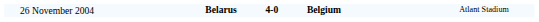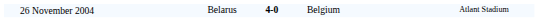 <table style="width: 100%; background:#F5FAFF;" cellspacing="0">
 <tr>
 <td align=center rowspan=3 width=20%>26 November 2004</td>
 </tr>
 <tr>
-<td width=24% align=right><strong>Belarus </strong></td>
+<td width=24% align=right>Belarus </td>
 <td align=center width=13%><strong>4-0</strong></td>
-<td width=24%><strong> Belgium</strong></td>
+<td width=24%> Belgium</td>
 <td style=font-size:85% rowspan=3 valign=top align=center>Atlant Stadium</td>
 </tr>
 <tr style=font-size:85%>
 <td align=right valign=top></td>
 <td></td>
 <td></td>
 </tr>
 </table>
